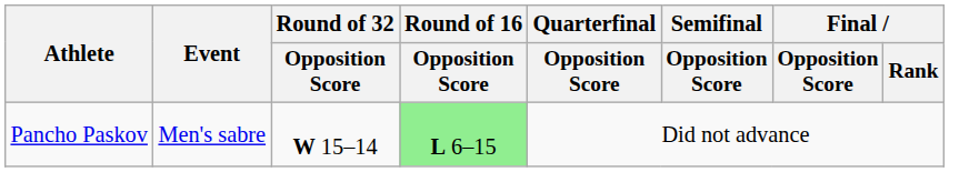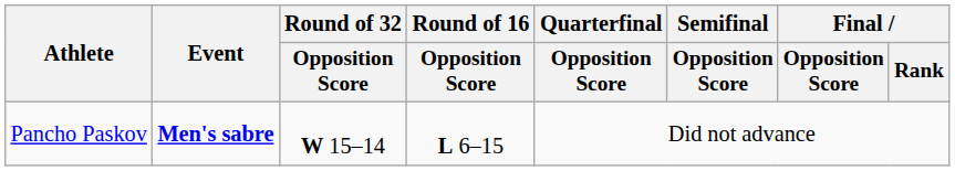 <table class="wikitable" style="font-size:90%">
 <tr>
 <th rowspan=2>Athlete</th>
 <th rowspan=2>Event</th>
 <th>Round of 32</th>
 <th>Round of 16</th>
 <th>Quarterfinal</th>
 <th>Semifinal</th>
 <th colspan=2>Final / </th>
 </tr>
 <tr style="font-size:95%">
 <th>Opposition<br>Score</th>
 <th>Opposition<br>Score</th>
 <th>Opposition<br>Score</th>
 <th>Opposition<br>Score</th>
 <th>Opposition<br>Score</th>
 <th>Rank</th>
 </tr>
 <tr align=center>
 <td align=left><a href='#'>Pancho Paskov</a></td>
-<td align=left><a href='#'>Men's sabre</a></td>
+<td align=left><strong><a href='#'>Men's sabre</a></strong></td>
 <td><br><strong>W</strong> 15–14</td>
-<td style="background: lightgreen;"><br><strong>L</strong> 6–15</td>
+<td><br><strong>L</strong> 6–15</td>
 <td colspan=4>Did not advance</td>
 </tr>
 </table>
